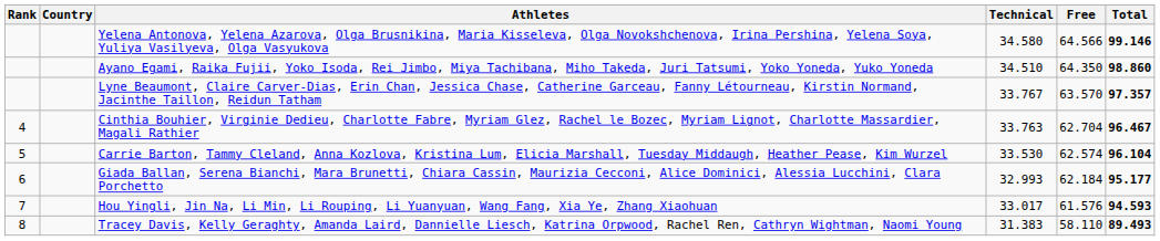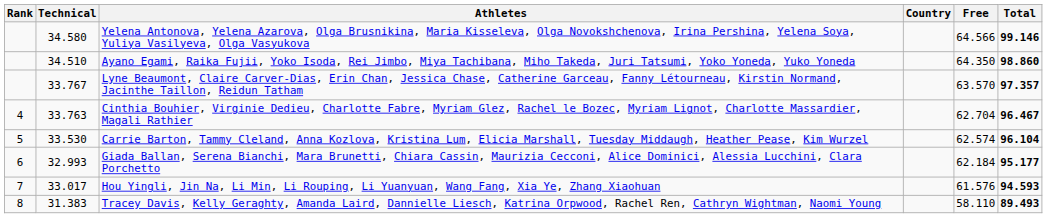 <table class="wikitable sortable" style="text-align:center">
 <tr>
 <th>Rank</th>
+<th>Technical</th>
+<th>Athletes</th>
 <th>Country</th>
-<th>Athletes</th>
-<th>Technical</th>
 <th>Free</th>
 <th>Total</th>
 </tr>
 <tr>
 <td></td>
+<td>34.580</td>
+<td align=left><a href='#'>Yelena Antonova</a>, <a href='#'>Yelena Azarova</a>, <a href='#'>Olga Brusnikina</a>, <a href='#'>Maria Kisseleva</a>, <a href='#'>Olga Novokshchenova</a>, <a href='#'>Irina Pershina</a>, <a href='#'>Yelena Soya</a>, <a href='#'>Yuliya Vasilyeva</a>, <a href='#'>Olga Vasyukova</a></td>
 <td align=left></td>
-<td align=left><a href='#'>Yelena Antonova</a>, <a href='#'>Yelena Azarova</a>, <a href='#'>Olga Brusnikina</a>, <a href='#'>Maria Kisseleva</a>, <a href='#'>Olga Novokshchenova</a>, <a href='#'>Irina Pershina</a>, <a href='#'>Yelena Soya</a>, <a href='#'>Yuliya Vasilyeva</a>, <a href='#'>Olga Vasyukova</a></td>
-<td>34.580</td>
 <td>64.566</td>
 <td><strong>99.146</strong></td>
 </tr>
 <tr>
 <td></td>
+<td>34.510</td>
+<td align=left><a href='#'>Ayano Egami</a>, <a href='#'>Raika Fujii</a>, <a href='#'>Yoko Isoda</a>, <a href='#'>Rei Jimbo</a>, <a href='#'>Miya Tachibana</a>, <a href='#'>Miho Takeda</a>, <a href='#'>Juri Tatsumi</a>, <a href='#'>Yoko Yoneda</a>, <a href='#'>Yuko Yoneda</a></td>
 <td align=left></td>
-<td align=left><a href='#'>Ayano Egami</a>, <a href='#'>Raika Fujii</a>, <a href='#'>Yoko Isoda</a>, <a href='#'>Rei Jimbo</a>, <a href='#'>Miya Tachibana</a>, <a href='#'>Miho Takeda</a>, <a href='#'>Juri Tatsumi</a>, <a href='#'>Yoko Yoneda</a>, <a href='#'>Yuko Yoneda</a></td>
-<td>34.510</td>
 <td>64.350</td>
 <td><strong>98.860</strong></td>
 </tr>
 <tr>
 <td></td>
+<td>33.767</td>
+<td align=left><a href='#'>Lyne Beaumont</a>, <a href='#'>Claire Carver-Dias</a>, <a href='#'>Erin Chan</a>, <a href='#'>Jessica Chase</a>, <a href='#'>Catherine Garceau</a>, <a href='#'>Fanny Létourneau</a>, <a href='#'>Kirstin Normand</a>, <a href='#'>Jacinthe Taillon</a>, <a href='#'>Reidun Tatham</a></td>
 <td align=left></td>
-<td align=left><a href='#'>Lyne Beaumont</a>, <a href='#'>Claire Carver-Dias</a>, <a href='#'>Erin Chan</a>, <a href='#'>Jessica Chase</a>, <a href='#'>Catherine Garceau</a>, <a href='#'>Fanny Létourneau</a>, <a href='#'>Kirstin Normand</a>, <a href='#'>Jacinthe Taillon</a>, <a href='#'>Reidun Tatham</a></td>
-<td>33.767</td>
 <td>63.570</td>
 <td><strong>97.357</strong></td>
 </tr>
 <tr>
 <td>4</td>
+<td>33.763</td>
+<td align=left><a href='#'>Cinthia Bouhier</a>, <a href='#'>Virginie Dedieu</a>, <a href='#'>Charlotte Fabre</a>, <a href='#'>Myriam Glez</a>, <a href='#'>Rachel le Bozec</a>, <a href='#'>Myriam Lignot</a>,  <a href='#'>Charlotte Massardier</a>, <a href='#'>Magali Rathier</a></td>
 <td align=left></td>
-<td align=left><a href='#'>Cinthia Bouhier</a>, <a href='#'>Virginie Dedieu</a>, <a href='#'>Charlotte Fabre</a>, <a href='#'>Myriam Glez</a>, <a href='#'>Rachel le Bozec</a>, <a href='#'>Myriam Lignot</a>,  <a href='#'>Charlotte Massardier</a>, <a href='#'>Magali Rathier</a></td>
-<td>33.763</td>
 <td>62.704</td>
 <td><strong>96.467</strong></td>
 </tr>
 <tr>
 <td>5</td>
+<td>33.530</td>
+<td align=left><a href='#'>Carrie Barton</a>, <a href='#'>Tammy Cleland</a>, <a href='#'>Anna Kozlova</a>, <a href='#'>Kristina Lum</a>, <a href='#'>Elicia Marshall</a>, <a href='#'>Tuesday Middaugh</a>, <a href='#'>Heather Pease</a>, <a href='#'>Kim Wurzel</a></td>
 <td align=left></td>
-<td align=left><a href='#'>Carrie Barton</a>, <a href='#'>Tammy Cleland</a>, <a href='#'>Anna Kozlova</a>, <a href='#'>Kristina Lum</a>, <a href='#'>Elicia Marshall</a>, <a href='#'>Tuesday Middaugh</a>, <a href='#'>Heather Pease</a>, <a href='#'>Kim Wurzel</a></td>
-<td>33.530</td>
 <td>62.574</td>
 <td><strong>96.104</strong></td>
 </tr>
 <tr>
 <td>6</td>
+<td>32.993</td>
+<td align=left><a href='#'>Giada Ballan</a>, <a href='#'>Serena Bianchi</a>, <a href='#'>Mara Brunetti</a>, <a href='#'>Chiara Cassin</a>, <a href='#'>Maurizia Cecconi</a>, <a href='#'>Alice Dominici</a>, <a href='#'>Alessia Lucchini</a>, <a href='#'>Clara Porchetto</a></td>
 <td align=left></td>
-<td align=left><a href='#'>Giada Ballan</a>, <a href='#'>Serena Bianchi</a>, <a href='#'>Mara Brunetti</a>, <a href='#'>Chiara Cassin</a>, <a href='#'>Maurizia Cecconi</a>, <a href='#'>Alice Dominici</a>, <a href='#'>Alessia Lucchini</a>, <a href='#'>Clara Porchetto</a></td>
-<td>32.993</td>
 <td>62.184</td>
 <td><strong>95.177</strong></td>
 </tr>
 <tr>
 <td>7</td>
+<td>33.017</td>
+<td align=left><a href='#'>Hou Yingli</a>, <a href='#'>Jin Na</a>, <a href='#'>Li Min</a>, <a href='#'>Li Rouping</a>, <a href='#'>Li Yuanyuan</a>, <a href='#'>Wang Fang</a>, <a href='#'>Xia Ye</a>, <a href='#'>Zhang Xiaohuan</a></td>
 <td align=left></td>
-<td align=left><a href='#'>Hou Yingli</a>, <a href='#'>Jin Na</a>, <a href='#'>Li Min</a>, <a href='#'>Li Rouping</a>, <a href='#'>Li Yuanyuan</a>, <a href='#'>Wang Fang</a>, <a href='#'>Xia Ye</a>, <a href='#'>Zhang Xiaohuan</a></td>
-<td>33.017</td>
 <td>61.576</td>
 <td><strong>94.593</strong></td>
 </tr>
 <tr>
 <td>8</td>
+<td>31.383</td>
+<td align=left><a href='#'>Tracey Davis</a>, <a href='#'>Kelly Geraghty</a>, <a href='#'>Amanda Laird</a>, <a href='#'>Dannielle Liesch</a>, <a href='#'>Katrina Orpwood</a>, Rachel Ren, <a href='#'>Cathryn Wightman</a>, <a href='#'>Naomi Young</a></td>
 <td align=left></td>
-<td align=left><a href='#'>Tracey Davis</a>, <a href='#'>Kelly Geraghty</a>, <a href='#'>Amanda Laird</a>, <a href='#'>Dannielle Liesch</a>, <a href='#'>Katrina Orpwood</a>, Rachel Ren, <a href='#'>Cathryn Wightman</a>, <a href='#'>Naomi Young</a></td>
-<td>31.383</td>
 <td>58.110</td>
 <td><strong>89.493</strong></td>
 </tr>
 </table>
